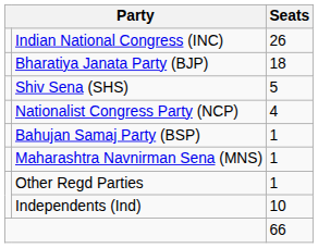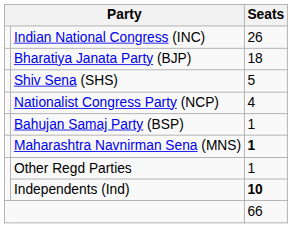 <table class="sortable wikitable">
 <tr>
 <th colspan="2">Party</th>
 <th>Seats</th>
 </tr>
 <tr>
 <td style="background-color : "></td>
 <td><a href='#'>Indian National Congress</a> (INC)</td>
 <td>26</td>
 </tr>
 <tr>
 <td style="background-color : "></td>
 <td><a href='#'>Bharatiya Janata Party</a> (BJP)</td>
 <td>18</td>
 </tr>
 <tr>
 <td style="background-color : "></td>
 <td><a href='#'>Shiv Sena</a> (SHS)</td>
 <td>5</td>
 </tr>
 <tr>
 <td style="background-color : "></td>
 <td><a href='#'>Nationalist Congress Party</a> (NCP)</td>
 <td>4</td>
 </tr>
 <tr>
 <td style="background-color : "></td>
 <td><a href='#'>Bahujan Samaj Party</a> (BSP)</td>
 <td>1</td>
 </tr>
 <tr>
 <td style="background-color : "></td>
 <td><a href='#'>Maharashtra Navnirman Sena</a> (MNS)</td>
-<td>1</td>
+<td><strong>1</strong></td>
 </tr>
 <tr>
 <td rowspan="2" style="background-color : "></td>
 <td>Other Regd Parties</td>
 <td>1</td>
 </tr>
 <tr>
 <td>Independents (Ind)</td>
-<td>10</td>
+<td><strong>10</strong></td>
 </tr>
 <tr>
 <td colspan="2"></td>
 <td>66</td>
 </tr>
 </table>
